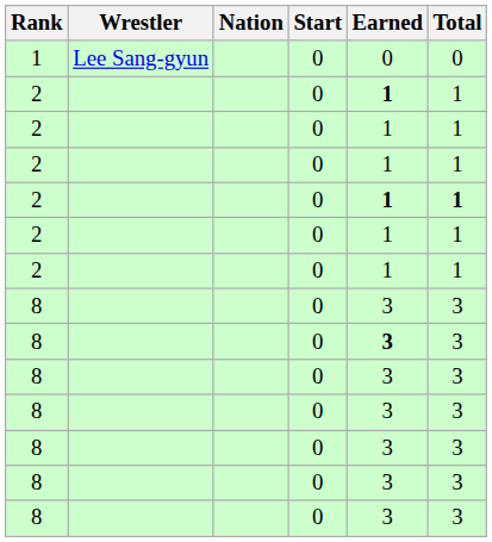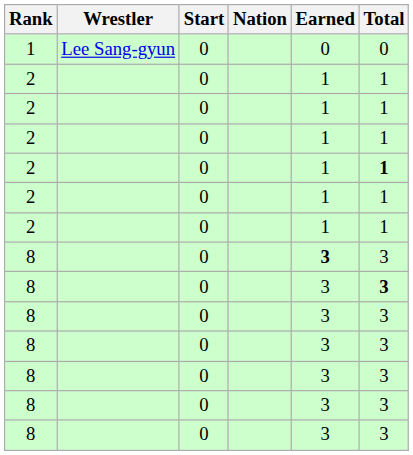 <table class="wikitable sortable" style="text-align:center;">
 <tr>
 <th>Rank</th>
 <th>Wrestler</th>
+<th>Start</th>
 <th>Nation</th>
-<th>Start</th>
 <th>Earned</th>
 <th>Total</th>
 </tr>
 <tr style="background:#cfc;">
 <td>1</td>
 <td align=left><a href='#'>Lee Sang-gyun</a></td>
+<td>0</td>
 <td align=left></td>
-<td>0</td>
 <td>0</td>
 <td>0</td>
 </tr>
 <tr style="background:#cfc;">
 <td>2</td>
 <td align=left></td>
+<td>0</td>
 <td align=left></td>
-<td>0</td>
-<td><strong>1</strong></td>
-<td>1</td>
-</tr>
-<tr style="background:#cfc;">
-<td>2</td>
-<td align=left></td>
-<td align=left></td>
-<td>0</td>
 <td>1</td>
 <td>1</td>
 </tr>
 <tr style="background:#cfc;">
 <td>2</td>
 <td align=left></td>
+<td>0</td>
 <td align=left></td>
-<td>0</td>
 <td>1</td>
 <td>1</td>
 </tr>
 <tr style="background:#cfc;">
 <td>2</td>
 <td align=left></td>
+<td>0</td>
 <td align=left></td>
-<td>0</td>
-<td><strong>1</strong></td>
-<td><strong>1</strong></td>
-</tr>
-<tr style="background:#cfc;">
-<td>2</td>
-<td align=left></td>
-<td align=left></td>
-<td>0</td>
 <td>1</td>
 <td>1</td>
 </tr>
 <tr style="background:#cfc;">
 <td>2</td>
 <td align=left></td>
+<td>0</td>
+<td align=left></td>
+<td>1</td>
+<td><strong>1</strong></td>
+</tr>
+<tr style="background:#cfc;">
+<td>2</td>
 <td align=left></td>
 <td>0</td>
+<td align=left></td>
+<td>1</td>
+<td>1</td>
+</tr>
+<tr style="background:#cfc;">
+<td>2</td>
+<td align=left></td>
+<td>0</td>
+<td align=left></td>
 <td>1</td>
 <td>1</td>
 </tr>
 <tr style="background:#cfc;">
 <td>8</td>
 <td align=left></td>
+<td>0</td>
+<td align=left></td>
+<td><strong>3</strong></td>
+<td>3</td>
+</tr>
+<tr style="background:#cfc;">
+<td>8</td>
 <td align=left></td>
 <td>0</td>
+<td align=left></td>
+<td>3</td>
+<td><strong>3</strong></td>
+</tr>
+<tr style="background:#cfc;">
+<td>8</td>
+<td align=left></td>
+<td>0</td>
+<td align=left></td>
 <td>3</td>
 <td>3</td>
 </tr>
 <tr style="background:#cfc;">
 <td>8</td>
 <td align=left></td>
+<td>0</td>
 <td align=left></td>
-<td>0</td>
-<td><strong>3</strong></td>
-<td>3</td>
-</tr>
-<tr style="background:#cfc;">
-<td>8</td>
-<td align=left></td>
-<td align=left></td>
-<td>0</td>
 <td>3</td>
 <td>3</td>
 </tr>
 <tr style="background:#cfc;">
 <td>8</td>
 <td align=left></td>
+<td>0</td>
 <td align=left></td>
-<td>0</td>
 <td>3</td>
 <td>3</td>
 </tr>
 <tr style="background:#cfc;">
 <td>8</td>
 <td align=left></td>
+<td>0</td>
 <td align=left></td>
-<td>0</td>
 <td>3</td>
 <td>3</td>
 </tr>
 <tr style="background:#cfc;">
 <td>8</td>
 <td align=left></td>
+<td>0</td>
 <td align=left></td>
-<td>0</td>
-<td>3</td>
-<td>3</td>
-</tr>
-<tr style="background:#cfc;">
-<td>8</td>
-<td align=left></td>
-<td align=left></td>
-<td>0</td>
 <td>3</td>
 <td>3</td>
 </tr>
 </table>
